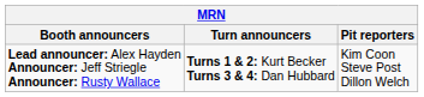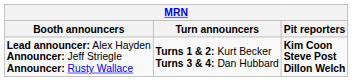 <table class="wikitable" style="font-size: 95%">
 <tr>
 <th colspan="3"><a href='#'>MRN</a></th>
 </tr>
 <tr>
 <th>Booth announcers</th>
 <th>Turn announcers</th>
 <th>Pit reporters</th>
 </tr>
 <tr>
 <td><strong>Lead announcer:</strong> Alex Hayden<br><strong>Announcer:</strong> Jeff Striegle<br><strong>Announcer:</strong> <a href='#'>Rusty Wallace</a></td>
 <td><strong>Turns 1 & 2:</strong> Kurt Becker<br><strong>Turns 3 & 4:</strong> Dan Hubbard</td>
-<td>Kim Coon<br>Steve Post<br>Dillon Welch</td>
+<td><strong>Kim Coon<br>Steve Post<br>Dillon Welch</strong></td>
 </tr>
 </table>
